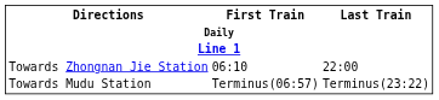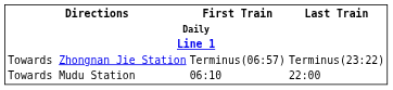 <table style="text-align:centre; font-size:95%; border:1px solid black">
 <tr>
 <th>Directions</th>
 <th>First Train</th>
 <th>Last Train</th>
 </tr>
 <tr>
 <th colspan="5" style="text-align:center"><small>Daily</small></th>
 </tr>
 <tr>
 <th colspan="8" style="background-color:#"><a href='#'>Line 1</a></th>
 </tr>
 <tr>
 <td>Towards <a href='#'>Zhongnan Jie Station</a></td>
+<td>Terminus(06:57)</td>
+<td>Terminus(23:22)</td>
+</tr>
+<tr>
+<td>Towards Mudu Station</td>
 <td>06:10</td>
 <td>22:00</td>
 </tr>
-<tr>
-<td>Towards Mudu Station</td>
-<td>Terminus(06:57)</td>
-<td>Terminus(23:22)</td>
-</tr>
 </table>
